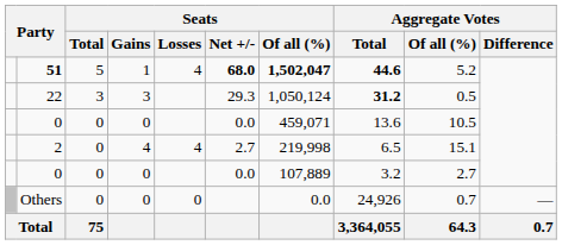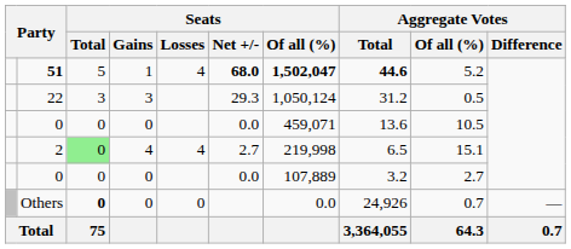 <table class="wikitable sortable" style="text-align:right; font-size:95%;">
 <tr>
 <th colspan="2" rowspan="2">Party</th>
 <th colspan="5">Seats</th>
 <th colspan="3">Aggregate Votes</th>
 </tr>
 <tr>
 <th>Total</th>
 <th>Gains</th>
 <th>Losses</th>
 <th>Net +/-</th>
 <th>Of all (%)</th>
 <th>Total</th>
 <th>Of all (%)</th>
 <th>Difference</th>
 </tr>
 <tr>
 <td></td>
 <td><strong>51</strong></td>
 <td>5</td>
 <td>1</td>
 <td>4</td>
 <td><strong>68.0</strong></td>
 <td><strong>1,502,047</strong></td>
 <td><strong>44.6</strong></td>
 <td>5.2</td>
 </tr>
 <tr>
 <td></td>
 <td>22</td>
 <td>3</td>
 <td>3</td>
 <td></td>
 <td>29.3</td>
 <td>1,050,124</td>
-<td><strong>31.2</strong></td>
+<td>31.2</td>
 <td>0.5</td>
 </tr>
 <tr>
 <td></td>
 <td>0</td>
 <td>0</td>
 <td>0</td>
 <td></td>
 <td>0.0</td>
 <td>459,071</td>
 <td>13.6</td>
 <td>10.5</td>
 </tr>
 <tr>
 <td></td>
 <td>2</td>
-<td>0</td>
+<td style="background: lightgreen;">0</td>
 <td>4</td>
 <td>4</td>
 <td>2.7</td>
 <td>219,998</td>
 <td>6.5</td>
 <td>15.1</td>
 </tr>
 <tr>
 <td></td>
 <td>0</td>
 <td>0</td>
 <td>0</td>
 <td></td>
 <td>0.0</td>
 <td>107,889</td>
 <td>3.2</td>
 <td>2.7</td>
 </tr>
 <tr>
 <td style="background:silver;"> </td>
 <td align=left>Others</td>
-<td>0</td>
+<td><strong>0</strong></td>
 <td>0</td>
 <td>0</td>
 <td></td>
 <td>0.0</td>
 <td>24,926</td>
 <td>0.7</td>
 <td>—</td>
 </tr>
 <tr class="sortbottom">
 <th colspan="2" style="background:#f2f2f2"><strong>Total</strong></th>
 <td style="background:#f2f2f2;"><strong>75</strong></td>
 <td style="background:#f2f2f2;"></td>
 <td style="background:#f2f2f2;"></td>
 <td style="background:#f2f2f2;"></td>
 <td style="background:#f2f2f2;"></td>
 <td style="background:#f2f2f2;"><strong>3,364,055</strong></td>
 <td style="background:#f2f2f2;"><strong>64.3</strong></td>
 <td style="background:#f2f2f2;"><strong>0.7</strong></td>
 </tr>
 </table>
